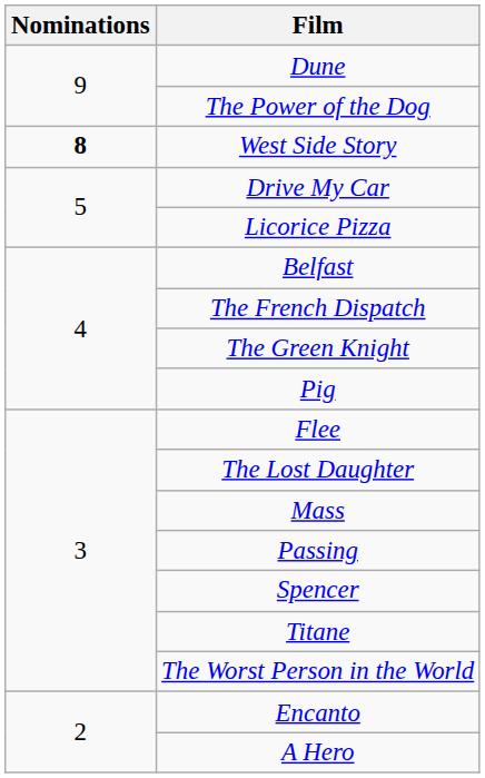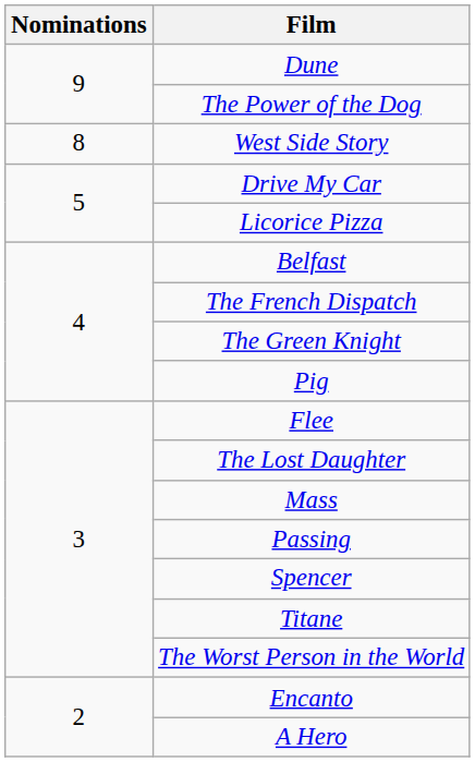 <table class="wikitable plainrowheaders" style="text-align:center;">
 <tr>
 <th scope="col" style="width: 55px;">Nominations</th>
 <th scope="col" style="text-align:center;">Film</th>
 </tr>
 <tr>
 <td scope=row style="text-align:center" rowspan="2">9</td>
 <td><em><a href='#'>Dune</a></em></td>
 </tr>
 <tr>
 <td><em><a href='#'>The Power of the Dog</a></em></td>
 </tr>
 <tr>
-<td scope=row style="text-align:center"><strong>8</strong></td>
+<td scope=row style="text-align:center">8</td>
 <td><em><a href='#'>West Side Story</a></em></td>
 </tr>
 <tr>
 <td scope=row style="text-align:center" rowspan="2">5</td>
 <td><em><a href='#'>Drive My Car</a></em></td>
 </tr>
 <tr>
 <td><em><a href='#'>Licorice Pizza</a></em></td>
 </tr>
 <tr>
 <td scope=row style="text-align:center" rowspan="4">4</td>
 <td><em><a href='#'>Belfast</a></em></td>
 </tr>
 <tr>
 <td><em><a href='#'>The French Dispatch</a></em></td>
 </tr>
 <tr>
 <td><em><a href='#'>The Green Knight</a></em></td>
 </tr>
 <tr>
 <td><em><a href='#'>Pig</a></em></td>
 </tr>
 <tr>
 <td scope=row style="text-align:center" rowspan="7">3</td>
 <td><em><a href='#'>Flee</a></em></td>
 </tr>
 <tr>
 <td><em><a href='#'>The Lost Daughter</a></em></td>
 </tr>
 <tr>
 <td><em><a href='#'>Mass</a></em></td>
 </tr>
 <tr>
 <td><em><a href='#'>Passing</a></em></td>
 </tr>
 <tr>
 <td><em><a href='#'>Spencer</a></em></td>
 </tr>
 <tr>
 <td><em><a href='#'>Titane</a></em></td>
 </tr>
 <tr>
 <td><em><a href='#'>The Worst Person in the World</a></em></td>
 </tr>
 <tr>
 <td scope=row style="text-align:center" rowspan="2">2</td>
 <td><em><a href='#'>Encanto</a></em></td>
 </tr>
 <tr>
 <td><em><a href='#'>A Hero</a></em></td>
 </tr>
 </table>
